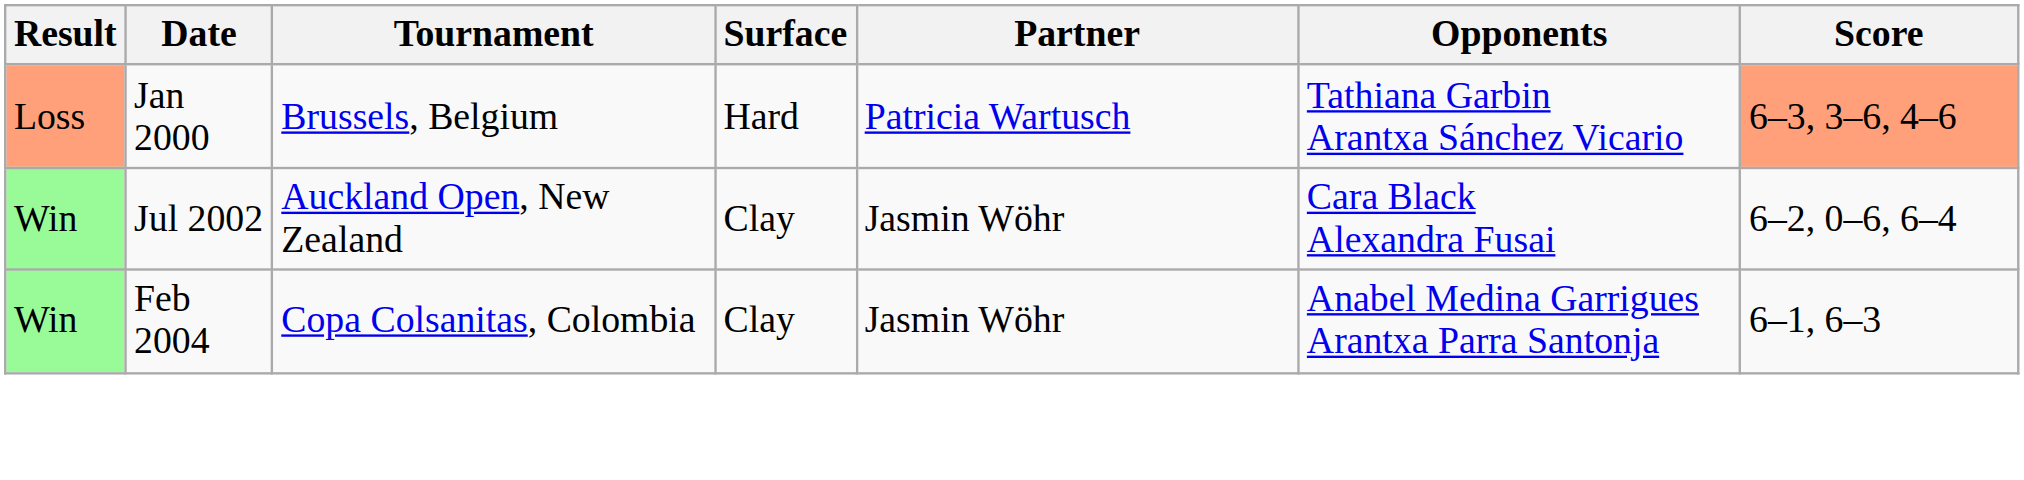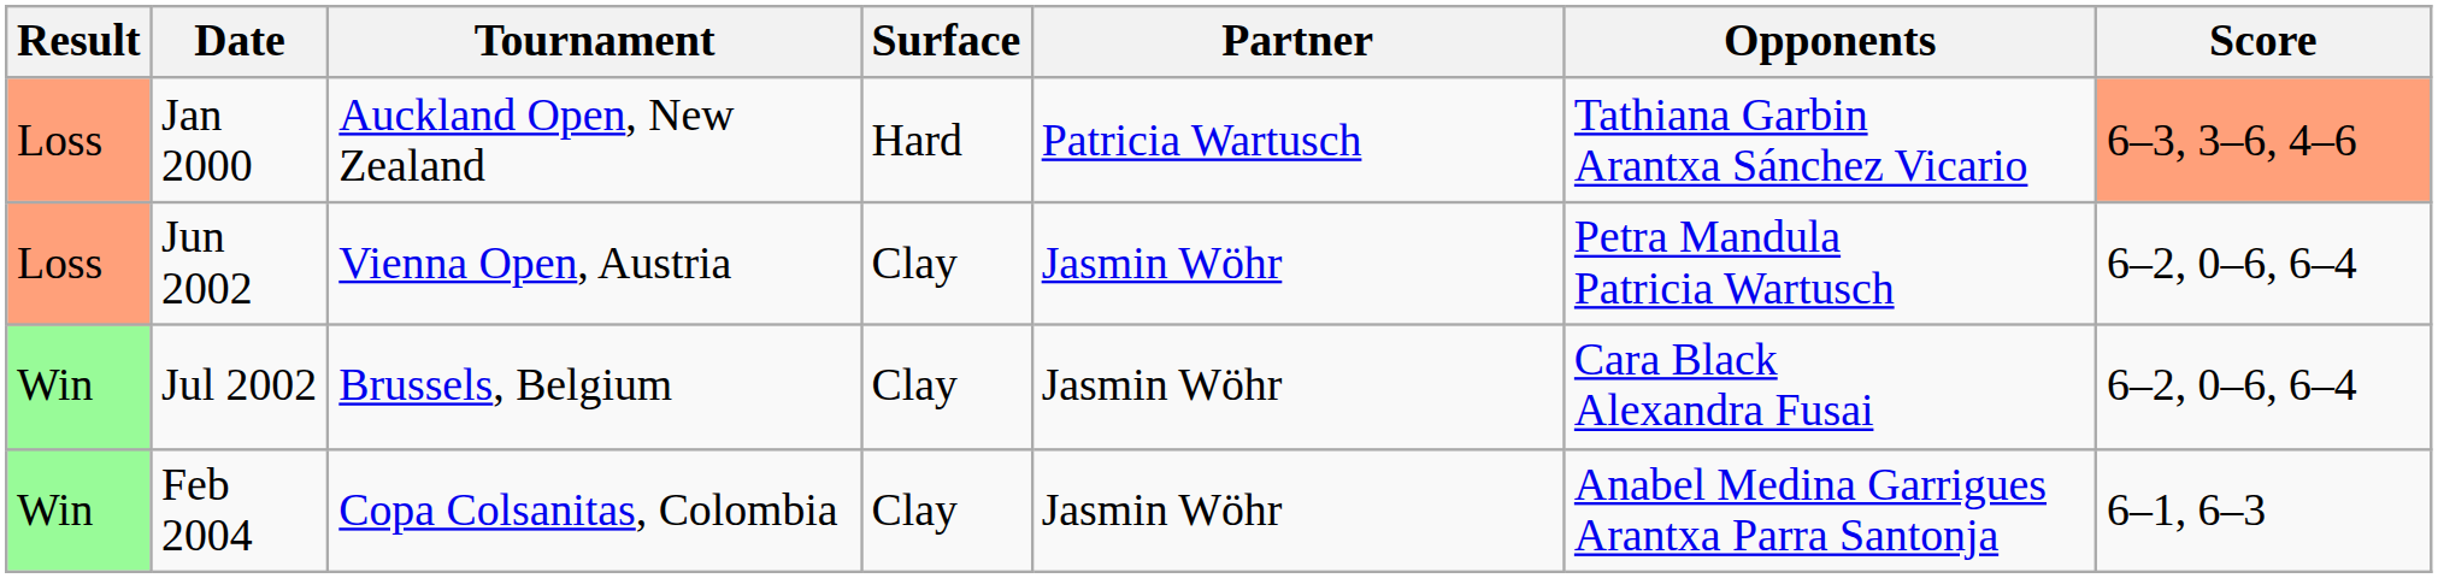 <table class="wikitable sortable" style="text-align:left;">
 <tr>
 <th style="width:40px">Result</th>
 <th style="width:55px">Date</th>
 <th style="width:180px">Tournament</th>
 <th>Surface</th>
 <th style="width:180px">Partner</th>
 <th style="width:180px">Opponents</th>
 <th style="width:110px" class="unsortable">Score</th>
 </tr>
 <tr>
 <td style="background:#ffa07a;">Loss</td>
 <td>Jan 2000</td>
-<td><a href='#'>Brussels</a>, Belgium</td>
+<td><a href='#'>Auckland Open</a>, New Zealand</td>
 <td>Hard</td>
 <td> <a href='#'>Patricia Wartusch</a></td>
 <td> <a href='#'>Tathiana Garbin</a><br> <a href='#'>Arantxa Sánchez Vicario</a></td>
 <td style="background: lightsalmon;">6–3, 3–6, 4–6</td>
 </tr>
 <tr>
+<td style="background:#ffa07a;">Loss</td>
+<td>Jun 2002</td>
+<td><a href='#'>Vienna Open</a>, Austria</td>
+<td>Clay</td>
+<td> <a href='#'>Jasmin Wöhr</a></td>
+<td> <a href='#'>Petra Mandula</a><br> <a href='#'>Patricia Wartusch</a></td>
+<td>6–2, 0–6, 6–4</td>
+</tr>
+<tr>
 <td style="background:#98fb98;">Win</td>
 <td>Jul 2002</td>
-<td><a href='#'>Auckland Open</a>, New Zealand</td>
+<td><a href='#'>Brussels</a>, Belgium</td>
 <td>Clay</td>
 <td> Jasmin Wöhr</td>
 <td> <a href='#'>Cara Black</a><br> <a href='#'>Alexandra Fusai</a></td>
 <td>6–2, 0–6, 6–4</td>
 </tr>
 <tr>
 <td style="background:#98fb98;">Win</td>
 <td>Feb 2004</td>
 <td><a href='#'>Copa Colsanitas</a>, Colombia</td>
 <td>Clay</td>
 <td> Jasmin Wöhr</td>
 <td> <a href='#'>Anabel Medina Garrigues</a><br> <a href='#'>Arantxa Parra Santonja</a></td>
 <td>6–1, 6–3</td>
 </tr>
 </table>
